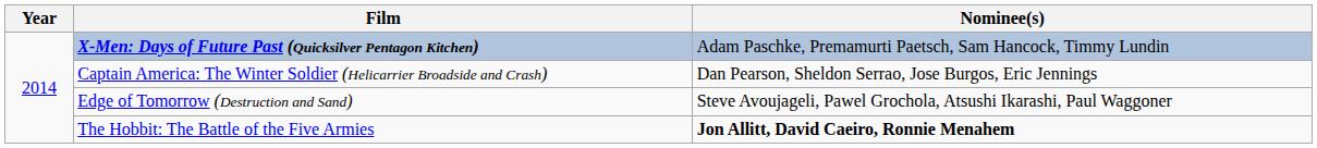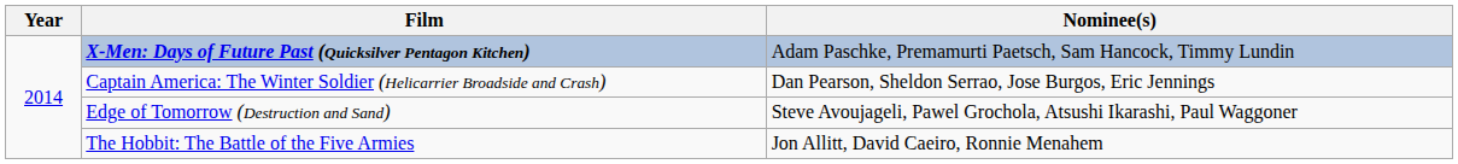 <table class="wikitable" width="95%" cellpadding="5">
 <tr>
 <th width="5%">Year</th>
 <th width="45%">Film</th>
 <th width="45%">Nominee(s)</th>
 </tr>
 <tr>
 <td rowspan="4" style="text-align:center;"><a href='#'>2014</a><br></td>
 <td style="background:#B0C4DE;"><strong><em><a href='#'>X-Men: Days of Future Past</a><em> (<small>Quicksilver Pentagon Kitchen</small>)<strong></td>
 <td style="background:#B0C4DE;"></strong>Adam Paschke, Premamurti Paetsch, Sam Hancock, Timmy Lundin<strong></td>
 </tr>
 <tr>
 <td></em><a href='#'>Captain America: The Winter Soldier</a><em> (<small>Helicarrier Broadside and Crash</small>)</td>
 <td>Dan Pearson, Sheldon Serrao, Jose Burgos, Eric Jennings</td>
 </tr>
 <tr>
 <td></em><a href='#'>Edge of Tomorrow</a><em> (<small>Destruction and Sand</small>)</td>
 <td>Steve Avoujageli, Pawel Grochola, Atsushi Ikarashi, Paul Waggoner</td>
 </tr>
 <tr>
 <td></em><a href='#'>The Hobbit: The Battle of the Five Armies</a><em></td>
-<td><strong>Jon Allitt, David Caeiro, Ronnie Menahem</strong></td>
+<td>Jon Allitt, David Caeiro, Ronnie Menahem</td>
 </tr>
 </table>
